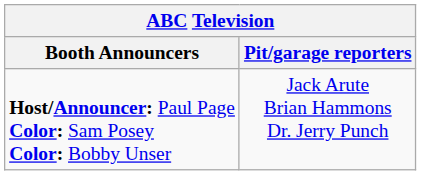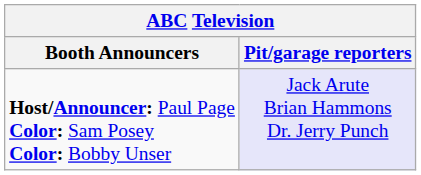 <table class="wikitable" style="font-size: 95%;">
 <tr>
 <th colspan=2><a href='#'>ABC</a> <a href='#'>Television</a></th>
 </tr>
 <tr>
 <th>Booth Announcers</th>
 <th><a href='#'>Pit/garage reporters</a></th>
 </tr>
 <tr>
 <td valign="top"><br><strong>Host/<a href='#'>Announcer</a>:</strong> <a href='#'>Paul Page</a><br> <strong><a href='#'>Color</a>:</strong> <a href='#'>Sam Posey</a><br> <strong><a href='#'>Color</a>:</strong> <a href='#'>Bobby Unser</a><br></td>
-<td align="center" valign="top"><a href='#'>Jack Arute</a><br><a href='#'>Brian Hammons</a><br><a href='#'>Dr. Jerry Punch</a></td>
+<td align="center" valign="top" style="background: lavender;"><a href='#'>Jack Arute</a><br><a href='#'>Brian Hammons</a><br><a href='#'>Dr. Jerry Punch</a></td>
 </tr>
 </table>
